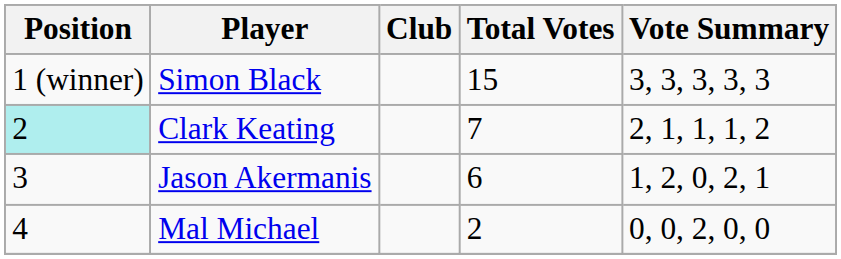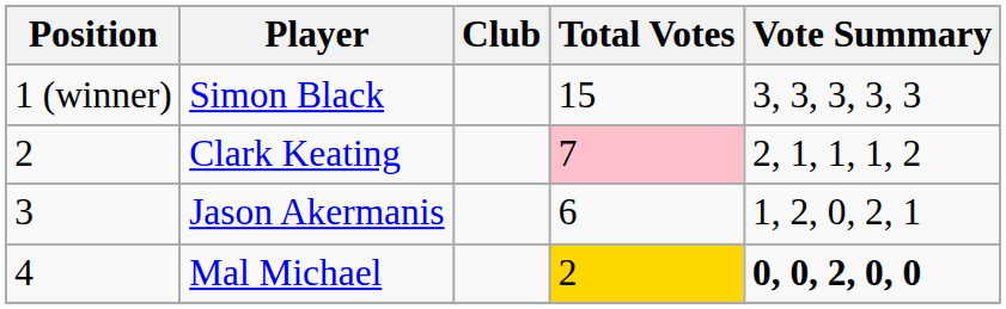 <table class="wikitable">
 <tr>
 <th>Position</th>
 <th>Player</th>
 <th>Club</th>
 <th>Total Votes</th>
 <th>Vote Summary</th>
 </tr>
 <tr>
 <td>1 (winner)</td>
 <td><a href='#'>Simon Black</a></td>
 <td></td>
 <td>15</td>
 <td>3, 3, 3, 3, 3</td>
 </tr>
 <tr>
-<td style="background: paleturquoise;">2</td>
+<td>2</td>
 <td><a href='#'>Clark Keating</a></td>
 <td></td>
-<td>7</td>
+<td style="background: pink;">7</td>
 <td>2, 1, 1, 1, 2</td>
 </tr>
 <tr>
 <td>3</td>
 <td><a href='#'>Jason Akermanis</a></td>
 <td></td>
 <td>6</td>
 <td>1, 2, 0, 2, 1</td>
 </tr>
 <tr>
 <td>4</td>
 <td><a href='#'>Mal Michael</a></td>
 <td></td>
-<td>2</td>
-<td>0, 0, 2, 0, 0</td>
+<td style="background: gold;">2</td>
+<td><strong>0, 0, 2, 0, 0</strong></td>
 </tr>
 <tr>
 </tr>
 </table>
